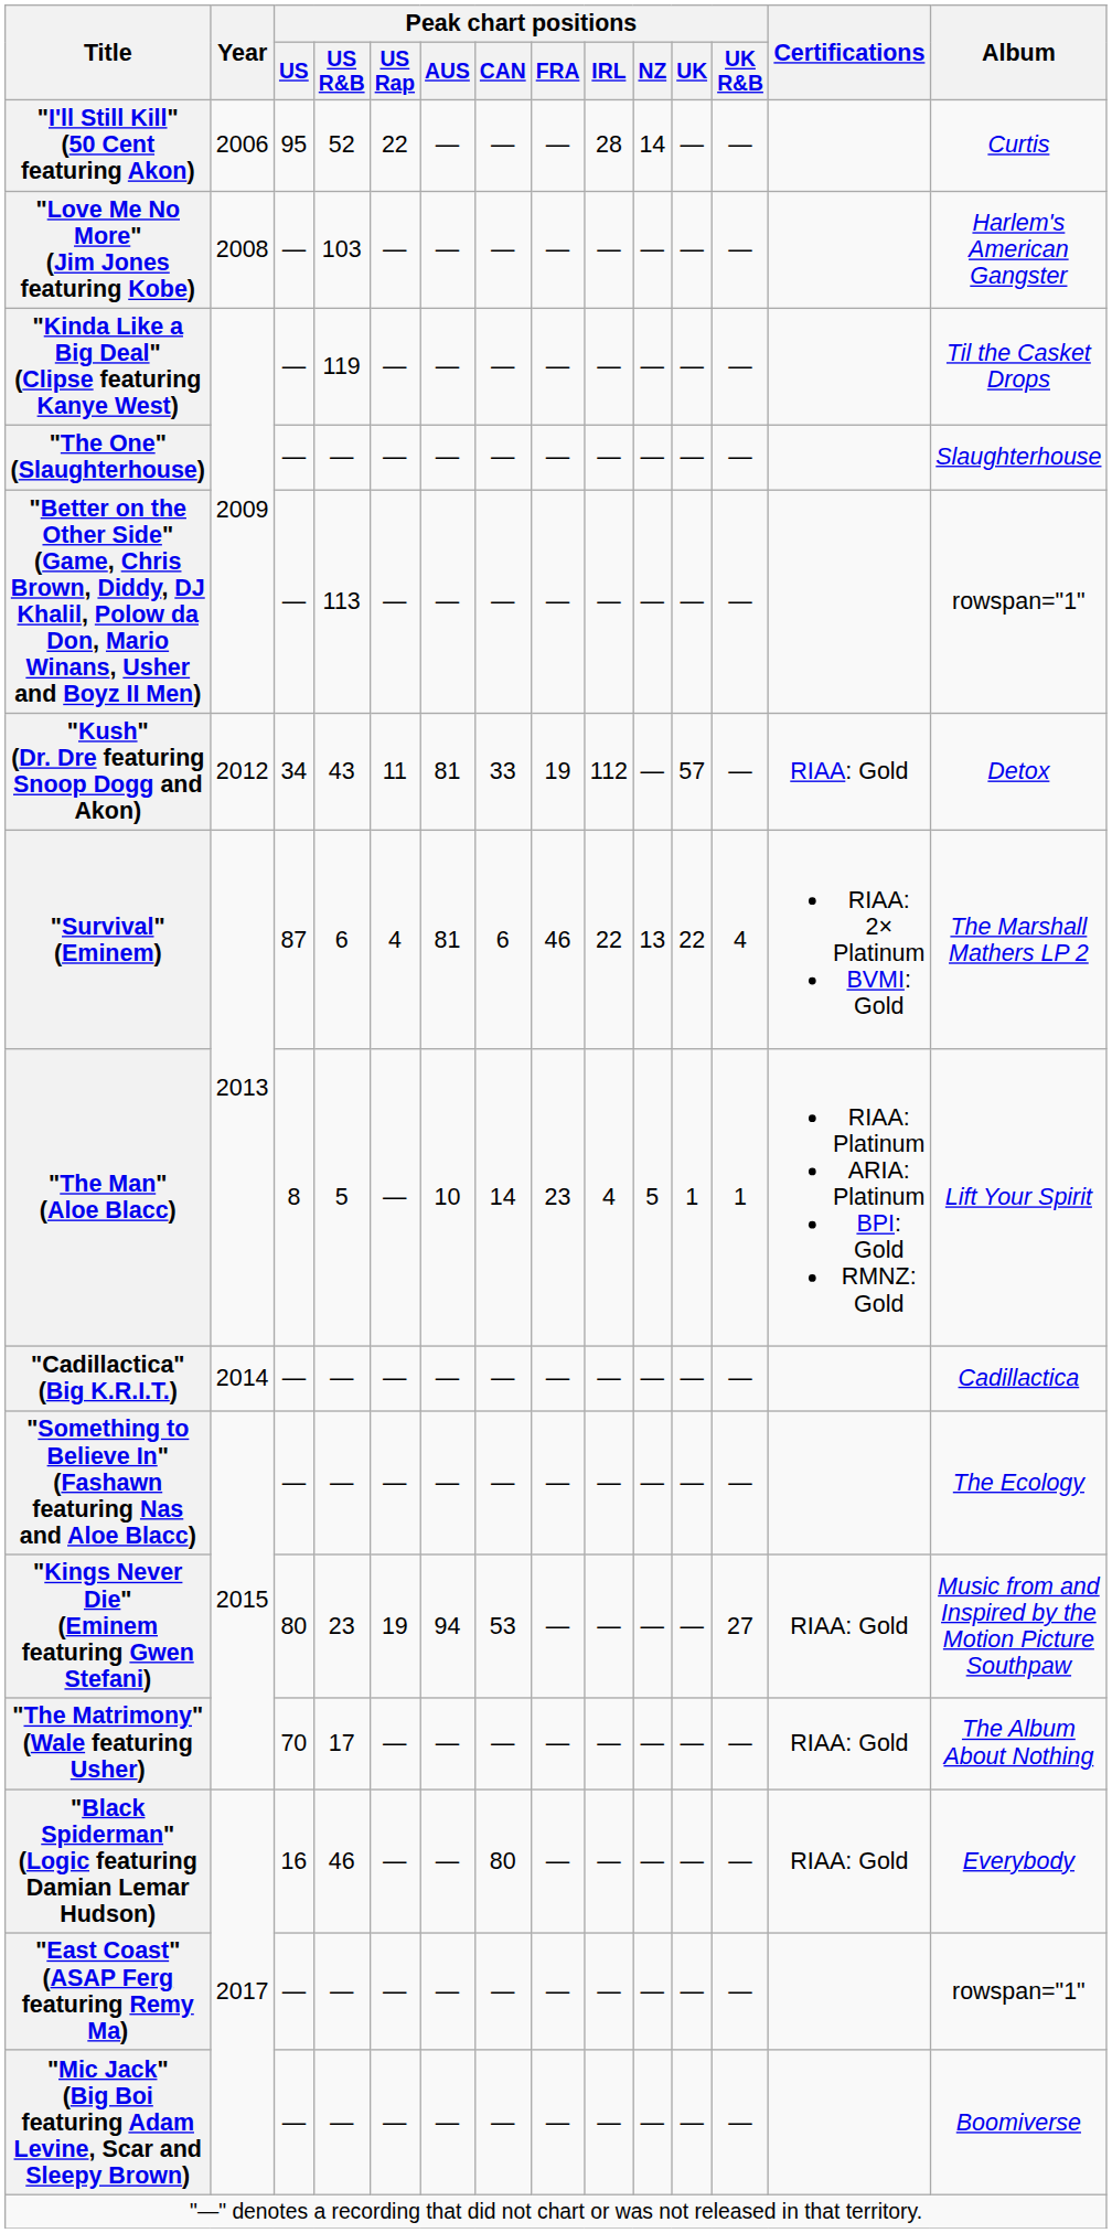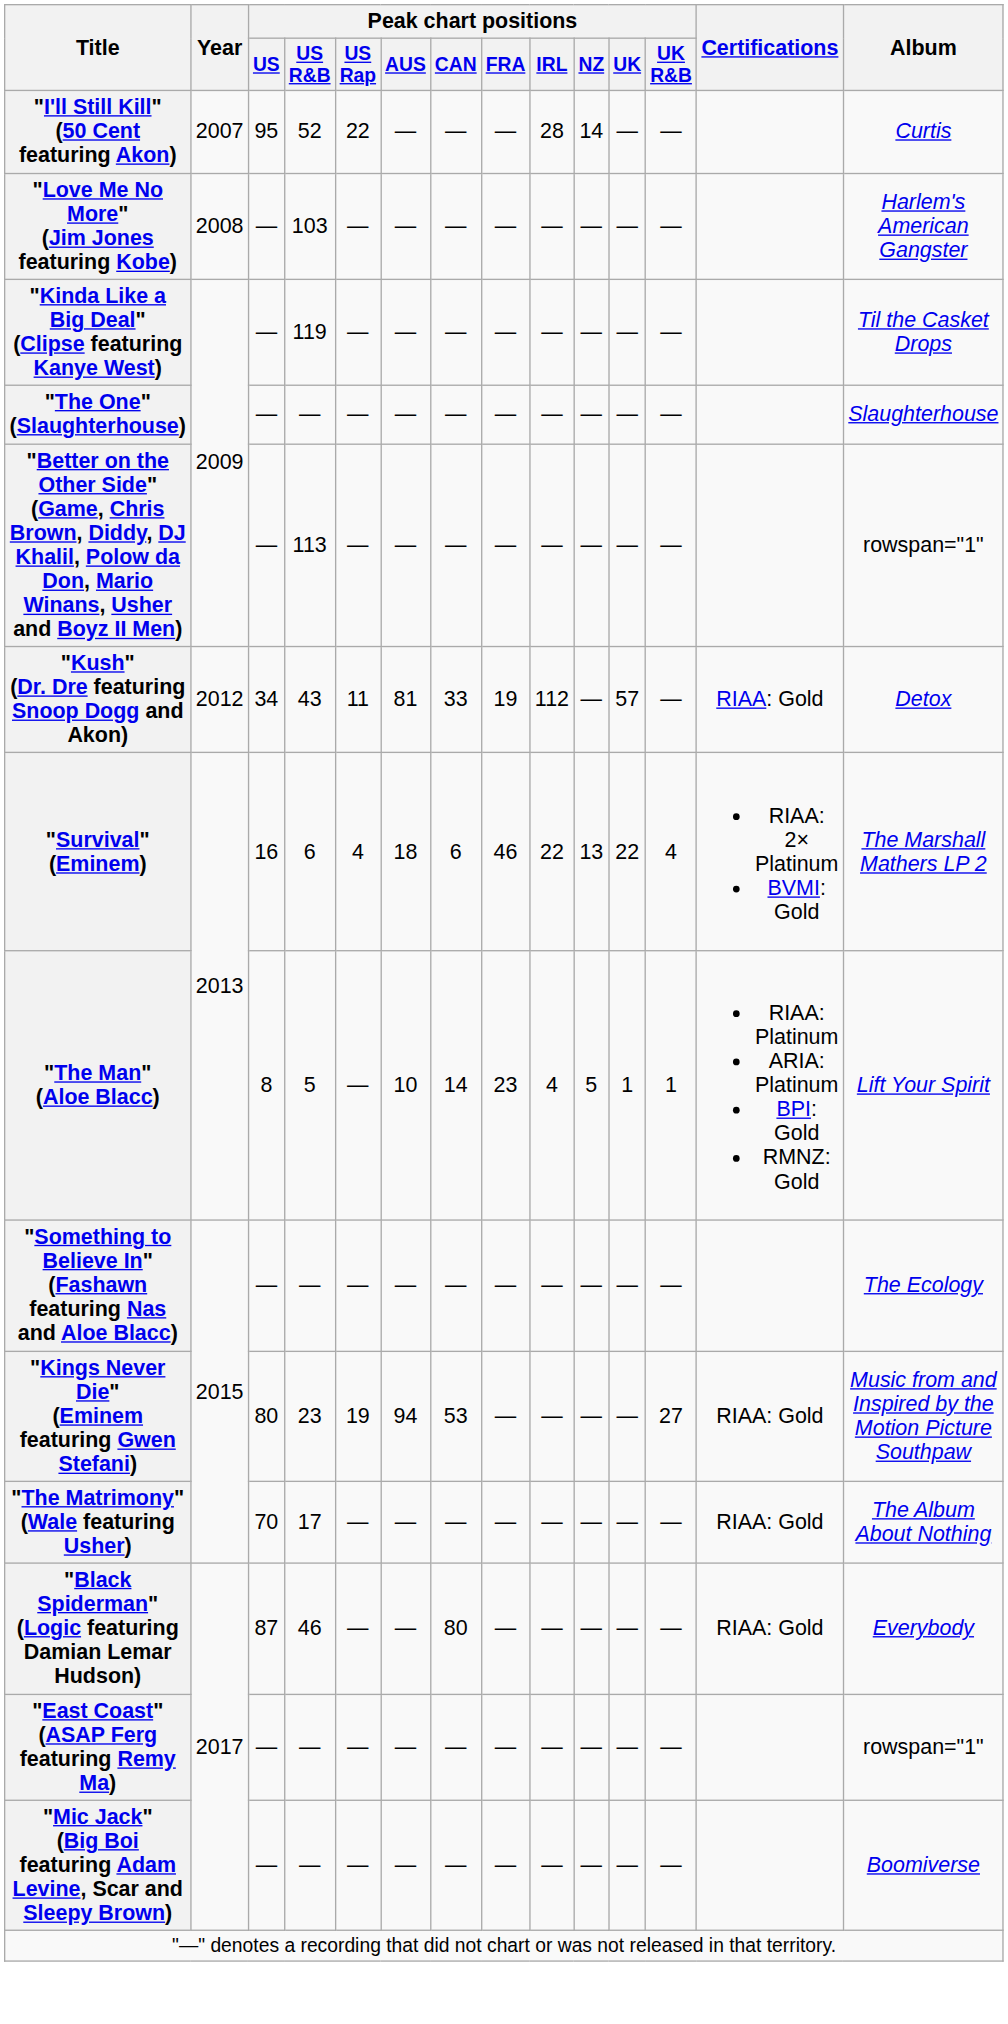 <table class="wikitable plainrowheaders" style="text-align:center;" border="1">
 <tr>
 <th scope="col" rowspan="2" style="width:22.5em;">Title</th>
 <th scope="col" rowspan="2">Year</th>
 <th scope="col" colspan="10">Peak chart positions</th>
 <th scope="col" rowspan="2" style="width:12em;"><a href='#'>Certifications</a></th>
 <th scope="col" rowspan="2" style="width:15em;">Album</th>
 </tr>
 <tr>
 <th scope="col" style="width:2.8em;font-size:90%;"><a href='#'>US</a></th>
 <th scope="col" style="width:2.8em;font-size:90%;"><a href='#'>US<br>R&B</a></th>
 <th scope="col" style="width:2.8em;font-size:90%;"><a href='#'>US<br>Rap</a></th>
 <th scope="col" style="width:2.8em;font-size:90%;"><a href='#'>AUS</a></th>
 <th scope="col" style="width:2.8em;font-size:90%;"><a href='#'>CAN</a></th>
 <th scope="col" style="width:2.8em;font-size:90%;"><a href='#'>FRA</a></th>
 <th scope="col" style="width:2.8em;font-size:90%;"><a href='#'>IRL</a></th>
 <th scope="col" style="width:2.8em;font-size:90%;"><a href='#'>NZ</a></th>
 <th scope="col" style="width:2.8em;font-size:90%;"><a href='#'>UK</a></th>
 <th scope="col" style="width:2.8em;font-size:90%;"><a href='#'>UK<br>R&B</a></th>
 </tr>
 <tr>
 <th scope="row">"<a href='#'>I'll Still Kill</a>"<br><span>(<a href='#'>50 Cent</a> featuring <a href='#'>Akon</a>)</span></th>
-<td rowspan="1">2006</td>
+<td rowspan="1">2007</td>
 <td>95</td>
 <td>52</td>
 <td>22</td>
 <td>—</td>
 <td>—</td>
 <td>—</td>
 <td>28</td>
 <td>14</td>
 <td>—</td>
 <td>—</td>
 <td></td>
 <td rowspan="1"><em><a href='#'>Curtis</a></em></td>
 </tr>
 <tr>
 <th scope="row">"<a href='#'>Love Me No More</a>"<br><span>(<a href='#'>Jim Jones</a> featuring <a href='#'>Kobe</a>)</span></th>
 <td rowspan="1">2008</td>
 <td>—</td>
 <td>103</td>
 <td>—</td>
 <td>—</td>
 <td>—</td>
 <td>—</td>
 <td>—</td>
 <td>—</td>
 <td>—</td>
 <td>—</td>
 <td></td>
 <td><em><a href='#'>Harlem's American Gangster</a></em></td>
 </tr>
 <tr>
 <th scope="row">"<a href='#'>Kinda Like a Big Deal</a>"<br><span>(<a href='#'>Clipse</a> featuring <a href='#'>Kanye West</a>)</span></th>
 <td rowspan="3">2009</td>
 <td>—</td>
 <td>119</td>
 <td>—</td>
 <td>—</td>
 <td>—</td>
 <td>—</td>
 <td>—</td>
 <td>—</td>
 <td>—</td>
 <td>—</td>
 <td></td>
 <td rowspan="1"><em><a href='#'>Til the Casket Drops</a></em></td>
 </tr>
 <tr>
 <th scope="row">"<a href='#'>The One</a>"<br><span>(<a href='#'>Slaughterhouse</a>)</span></th>
 <td>—</td>
 <td>—</td>
 <td>—</td>
 <td>—</td>
 <td>—</td>
 <td>—</td>
 <td>—</td>
 <td>—</td>
 <td>—</td>
 <td>—</td>
 <td></td>
 <td rowspan="1"><em><a href='#'>Slaughterhouse</a></em></td>
 </tr>
 <tr>
 <th scope="row">"<a href='#'>Better on the Other Side</a>"<br><span>(<a href='#'>Game</a>, <a href='#'>Chris Brown</a>, <a href='#'>Diddy</a>, <a href='#'>DJ Khalil</a>, <a href='#'>Polow da Don</a>, <a href='#'>Mario Winans</a>, <a href='#'>Usher</a> and <a href='#'>Boyz II Men</a>)</span></th>
 <td>—</td>
 <td>113</td>
 <td>—</td>
 <td>—</td>
 <td>—</td>
 <td>—</td>
 <td>—</td>
 <td>—</td>
 <td>—</td>
 <td>—</td>
 <td></td>
 <td>rowspan="1" </td>
 </tr>
 <tr>
 <th scope="row">"<a href='#'>Kush</a>"<br><span>(<a href='#'>Dr. Dre</a> featuring <a href='#'>Snoop Dogg</a> and Akon)</span></th>
 <td rowspan="1">2012</td>
 <td>34</td>
 <td>43</td>
 <td>11</td>
 <td>81</td>
 <td>33</td>
 <td>19</td>
 <td>112</td>
 <td>—</td>
 <td>57</td>
 <td>—</td>
 <td><a href='#'>RIAA</a>: Gold</td>
 <td><em><a href='#'>Detox</a></em></td>
 </tr>
 <tr>
 <th scope="row">"<a href='#'>Survival</a>"<br><span>(<a href='#'>Eminem</a>)</span></th>
 <td rowspan="2">2013</td>
-<td>87</td>
+<td>16</td>
 <td>6</td>
 <td>4</td>
-<td>81</td>
+<td>18</td>
 <td>6</td>
 <td>46</td>
 <td>22</td>
 <td>13</td>
 <td>22</td>
 <td>4</td>
 <td><br><ul><li>RIAA: 2× Platinum</li><li><a href='#'>BVMI</a>: Gold</li></ul></td>
 <td rowspan="1"><em><a href='#'>The Marshall Mathers LP 2</a></em></td>
 </tr>
 <tr>
 <th scope="row">"<a href='#'>The Man</a>"<br><span>(<a href='#'>Aloe Blacc</a>)</span></th>
 <td>8</td>
 <td>5</td>
 <td>—</td>
 <td>10</td>
 <td>14</td>
 <td>23</td>
 <td>4</td>
 <td>5</td>
 <td>1</td>
 <td>1</td>
 <td><br><ul><li>RIAA: Platinum</li><li>ARIA: Platinum</li><li><a href='#'>BPI</a>: Gold</li><li>RMNZ: Gold</li></ul></td>
 <td rowspan="1"><em><a href='#'>Lift Your Spirit</a></em></td>
-</tr>
-<tr>
-<th scope="row">"Cadillactica"<br><span>(<a href='#'>Big K.R.I.T.</a>)</span></th>
-<td>2014</td>
-<td>—</td>
-<td>—</td>
-<td>—</td>
-<td>—</td>
-<td>—</td>
-<td>—</td>
-<td>—</td>
-<td>—</td>
-<td>—</td>
-<td>—</td>
-<td></td>
-<td rowspan="1"><em><a href='#'>Cadillactica</a></em></td>
 </tr>
 <tr>
 <th scope="row">"<a href='#'>Something to Believe In</a>"<br><span>(<a href='#'>Fashawn</a> featuring <a href='#'>Nas</a> and <a href='#'>Aloe Blacc</a>)</span></th>
 <td rowspan="3">2015</td>
 <td>—</td>
 <td>—</td>
 <td>—</td>
 <td>—</td>
 <td>—</td>
 <td>—</td>
 <td>—</td>
 <td>—</td>
 <td>—</td>
 <td>—</td>
 <td></td>
 <td rowspan="1"><em><a href='#'>The Ecology</a></em></td>
 </tr>
 <tr>
 <th scope="row">"<a href='#'>Kings Never Die</a>"<br><span>(<a href='#'>Eminem</a> featuring <a href='#'>Gwen Stefani</a>)</span></th>
 <td>80</td>
 <td>23</td>
 <td>19</td>
 <td>94</td>
 <td>53</td>
 <td>—</td>
 <td>—</td>
 <td>—</td>
 <td>—</td>
 <td>27</td>
 <td>RIAA: Gold</td>
 <td rowspan="1"><em><a href='#'>Music from and Inspired by the Motion Picture Southpaw</a></em></td>
 </tr>
 <tr>
 <th scope="row">"<a href='#'>The Matrimony</a>"<br><span>(<a href='#'>Wale</a> featuring <a href='#'>Usher</a>)</span></th>
 <td>70</td>
 <td>17</td>
 <td>—</td>
 <td>—</td>
 <td>—</td>
 <td>—</td>
 <td>—</td>
 <td>—</td>
 <td>—</td>
 <td>—</td>
 <td>RIAA: Gold</td>
 <td rowspan="1"><em><a href='#'>The Album About Nothing</a></em></td>
 </tr>
 <tr>
 <th scope="row">"<a href='#'>Black Spiderman</a>"<br><span>(<a href='#'>Logic</a> featuring Damian Lemar Hudson)</span></th>
 <td rowspan="3">2017</td>
-<td>16</td>
+<td>87</td>
 <td>46</td>
 <td>—</td>
 <td>—</td>
 <td>80</td>
 <td>—</td>
 <td>—</td>
 <td>—</td>
 <td>—</td>
 <td>—</td>
 <td>RIAA: Gold</td>
 <td rowspan="1"><em><a href='#'>Everybody</a></em></td>
 </tr>
 <tr>
 <th scope="row">"<a href='#'>East Coast</a>"<br><span>(<a href='#'>ASAP Ferg</a> featuring <a href='#'>Remy Ma</a>)</span></th>
 <td>—</td>
 <td>—</td>
 <td>—</td>
 <td>—</td>
 <td>—</td>
 <td>—</td>
 <td>—</td>
 <td>—</td>
 <td>—</td>
 <td>—</td>
 <td></td>
 <td>rowspan="1" </td>
 </tr>
 <tr>
 <th scope="row">"<a href='#'>Mic Jack</a>"<br><span>(<a href='#'>Big Boi</a> featuring <a href='#'>Adam Levine</a>, Scar and <a href='#'>Sleepy Brown</a>)</span></th>
 <td>—</td>
 <td>—</td>
 <td>—</td>
 <td>—</td>
 <td>—</td>
 <td>—</td>
 <td>—</td>
 <td>—</td>
 <td>—</td>
 <td>—</td>
 <td></td>
 <td rowspan="1"><em><a href='#'>Boomiverse</a></em></td>
 </tr>
 <tr>
 <td colspan="14" style="font-size:90%">"—" denotes a recording that did not chart or was not released in that territory.</td>
 </tr>
 </table>
